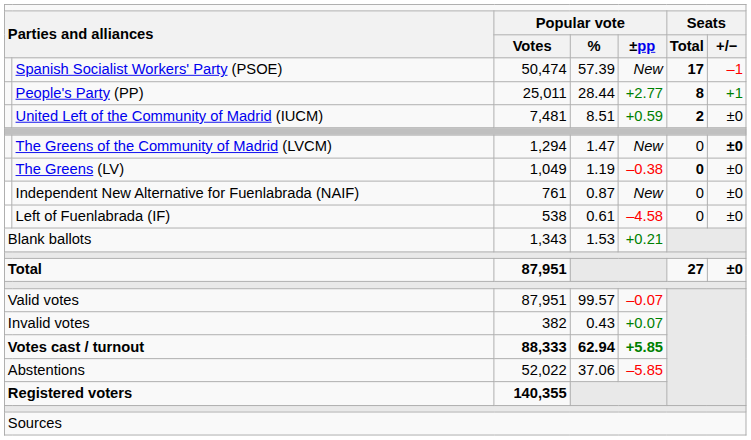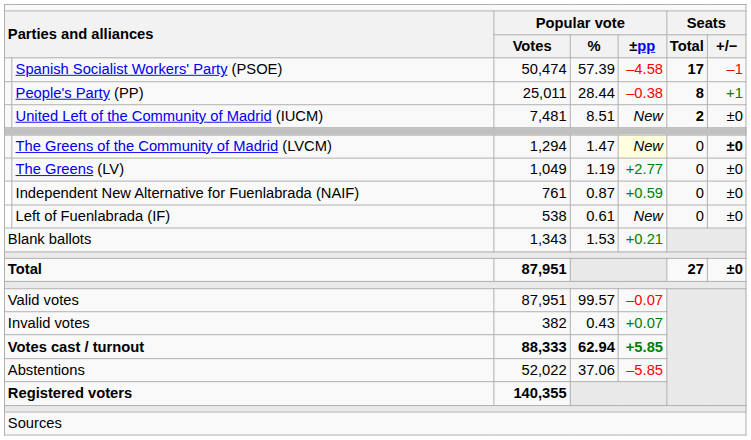 <table class="wikitable" style="text-align:right;">
 <tr>
 <td colspan="7"></td>
 </tr>
 <tr>
 <th style="text-align:left;" rowspan="2" colspan="2" width="525">Parties and alliances</th>
 <th colspan="3">Popular vote</th>
 <th colspan="2">Seats</th>
 </tr>
 <tr>
 <th width="75">Votes</th>
 <th width="45">%</th>
 <th width="45">±<a href='#'>pp</a></th>
 <th width="35">Total</th>
 <th width="35">+/−</th>
 </tr>
 <tr>
 <td width="1" style="color:inherit;background:"></td>
 <td align="left"><a href='#'>Spanish Socialist Workers' Party</a> (PSOE)</td>
 <td>50,474</td>
 <td>57.39</td>
-<td><em>New</em></td>
+<td style="color:red;">–4.58</td>
 <td><strong>17</strong></td>
 <td style="color:red;">–1</td>
 </tr>
 <tr>
 <td style="color:inherit;background:"></td>
 <td align="left"><a href='#'>People's Party</a> (PP)</td>
 <td>25,011</td>
 <td>28.44</td>
-<td style="color:green;">+2.77</td>
+<td style="color:red;">–0.38</td>
 <td><strong>8</strong></td>
 <td style="color:green;">+1</td>
 </tr>
 <tr>
 <td style="color:inherit;background:"></td>
 <td align="left"><a href='#'>United Left of the Community of Madrid</a> (IUCM)</td>
 <td>7,481</td>
 <td>8.51</td>
-<td style="color:green;">+0.59</td>
+<td><em>New</em></td>
 <td><strong>2</strong></td>
 <td>±0</td>
 </tr>
 <tr>
 <td colspan="7" bgcolor="#C0C0C0"></td>
 </tr>
 <tr>
 <td style="color:inherit;background:"></td>
 <td align="left"><a href='#'>The Greens of the Community of Madrid</a> (LVCM)</td>
 <td>1,294</td>
 <td>1.47</td>
-<td><em>New</em></td>
+<td style="background: lightyellow;"><em>New</em></td>
 <td>0</td>
 <td><strong>±0</strong></td>
 </tr>
 <tr>
 <td style="color:inherit;background:"></td>
 <td align="left"><a href='#'>The Greens</a> (LV)</td>
 <td>1,049</td>
 <td>1.19</td>
-<td style="color:red;">–0.38</td>
-<td><strong>0</strong></td>
+<td style="color:green;">+2.77</td>
+<td>0</td>
 <td>±0</td>
 </tr>
 <tr>
 <td bgcolor="white"></td>
 <td align="left">Independent New Alternative for Fuenlabrada (NAIF)</td>
 <td>761</td>
 <td>0.87</td>
-<td><em>New</em></td>
+<td style="color:green;">+0.59</td>
 <td>0</td>
 <td>±0</td>
 </tr>
 <tr>
 <td bgcolor="white"></td>
 <td align="left">Left of Fuenlabrada (IF)</td>
 <td>538</td>
 <td>0.61</td>
-<td style="color:red;">–4.58</td>
+<td><em>New</em></td>
 <td>0</td>
 <td>±0</td>
 </tr>
 <tr>
 <td align="left" colspan="2">Blank ballots</td>
 <td>1,343</td>
 <td>1.53</td>
 <td style="color:green;">+0.21</td>
 <td bgcolor="#E9E9E9" colspan="2"></td>
 </tr>
 <tr>
 <td colspan="7" bgcolor="#E9E9E9"></td>
 </tr>
 <tr style="font-weight:bold;">
 <td align="left" colspan="2">Total</td>
 <td>87,951</td>
 <td bgcolor="#E9E9E9" colspan="2"></td>
 <td>27</td>
 <td>±0</td>
 </tr>
 <tr>
 <td colspan="7" bgcolor="#E9E9E9"></td>
 </tr>
 <tr>
 <td align="left" colspan="2">Valid votes</td>
 <td>87,951</td>
 <td>99.57</td>
 <td style="color:red;">–0.07</td>
 <td bgcolor="#E9E9E9" colspan="2" rowspan="5"></td>
 </tr>
 <tr>
 <td align="left" colspan="2">Invalid votes</td>
 <td>382</td>
 <td>0.43</td>
 <td style="color:green;">+0.07</td>
 </tr>
 <tr style="font-weight:bold;">
 <td align="left" colspan="2">Votes cast / turnout</td>
 <td>88,333</td>
 <td>62.94</td>
 <td style="color:green;">+5.85</td>
 </tr>
 <tr>
 <td align="left" colspan="2">Abstentions</td>
 <td>52,022</td>
 <td>37.06</td>
 <td style="color:red;">–5.85</td>
 </tr>
 <tr style="font-weight:bold;">
 <td align="left" colspan="2">Registered voters</td>
 <td>140,355</td>
 <td bgcolor="#E9E9E9" colspan="2"></td>
 </tr>
 <tr>
 <td colspan="7" bgcolor="#E9E9E9"></td>
 </tr>
 <tr>
 <td align="left" colspan="7">Sources</td>
 </tr>
 </table>
